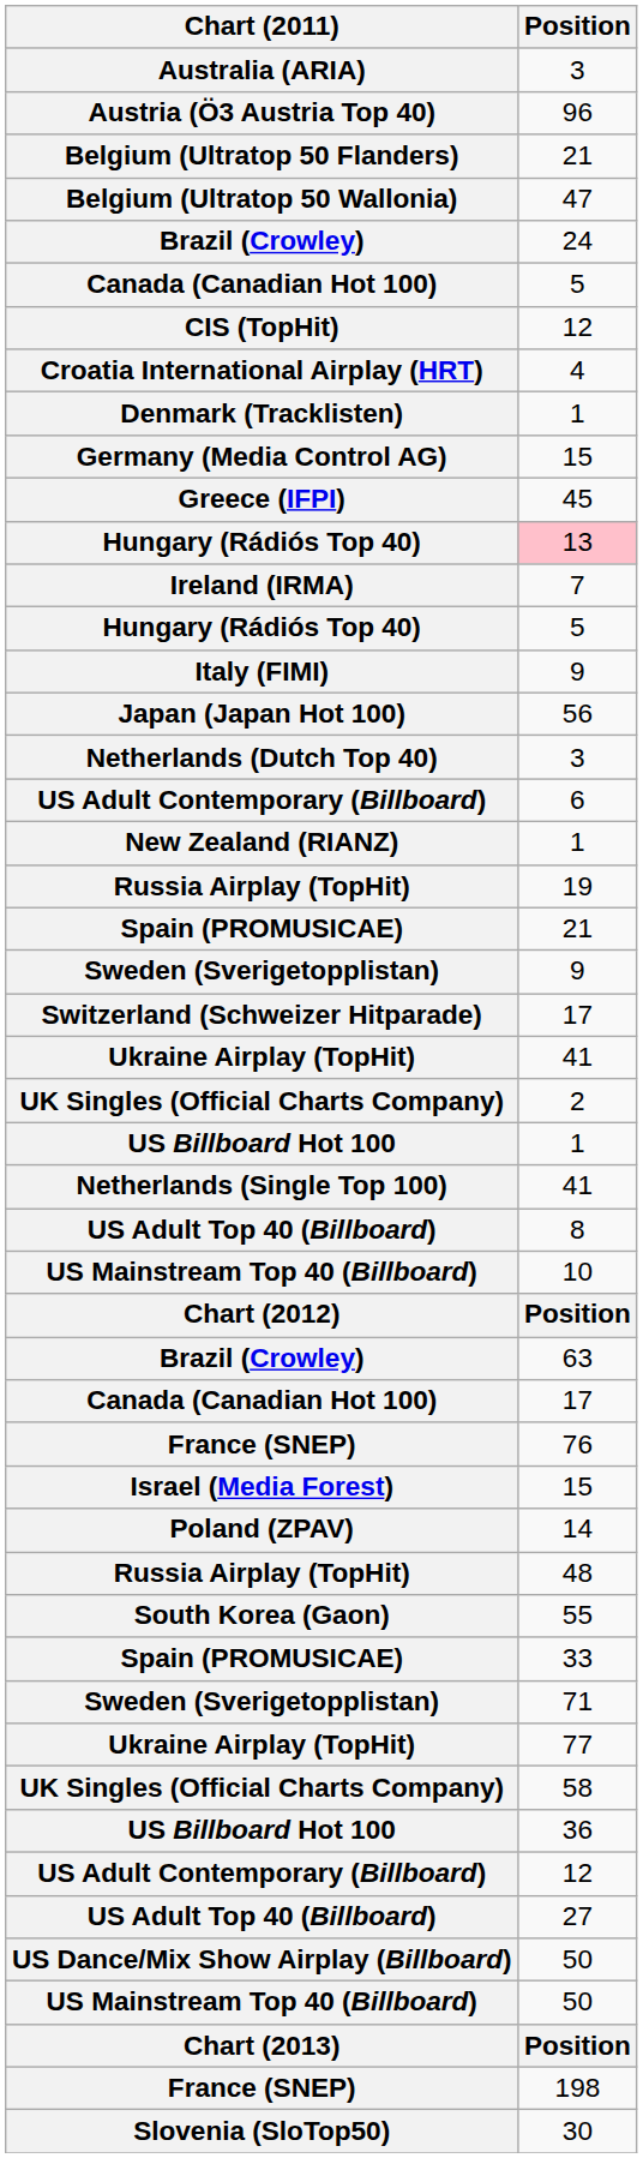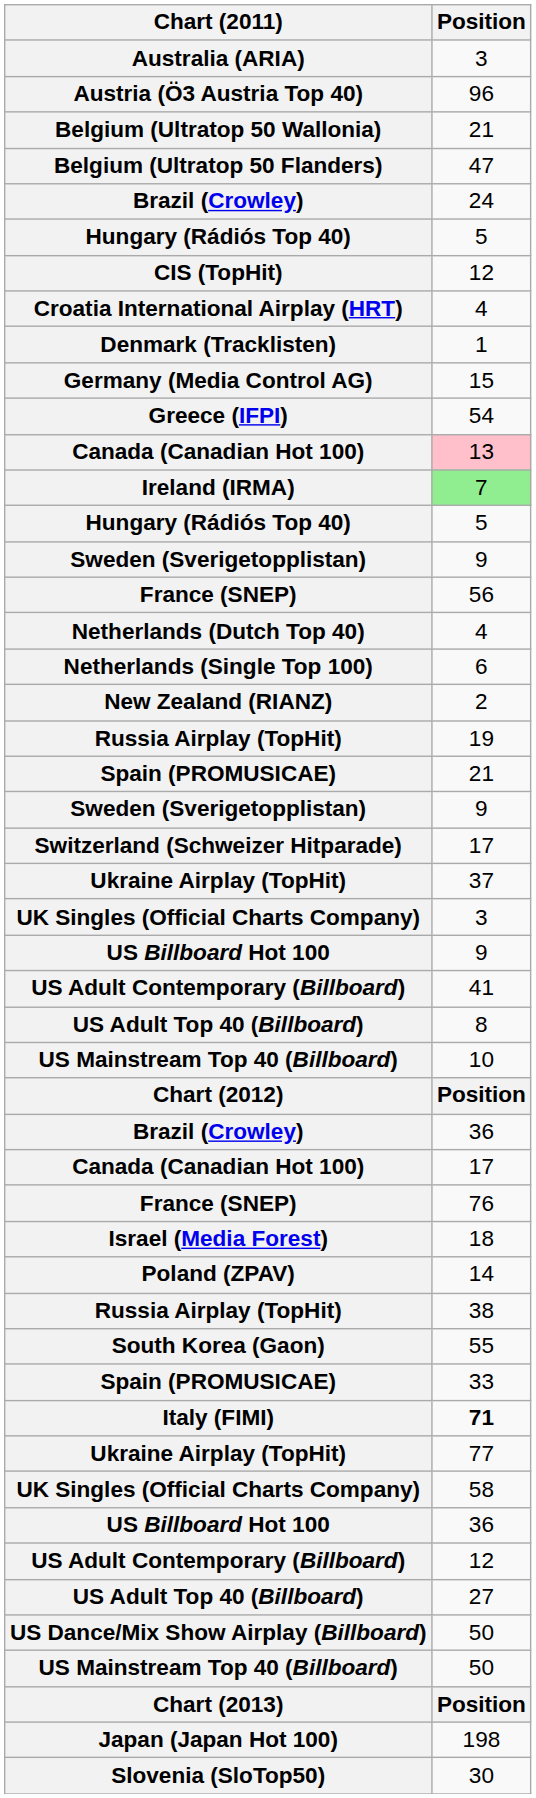 <table class="wikitable plainrowheaders sortable" style="text-align:center">
 <tr>
 <th scope="col">Chart (2011)</th>
 <th scope="col">Position</th>
 </tr>
 <tr>
 <th scope="row">Australia (ARIA)</th>
 <td>3</td>
 </tr>
 <tr>
 <th scope="row">Austria (Ö3 Austria Top 40)</th>
 <td>96</td>
 </tr>
 <tr>
-<th scope="row">Belgium (Ultratop 50 Flanders)</th>
+<th scope="row">Belgium (Ultratop 50 Wallonia)</th>
 <td>21</td>
 </tr>
 <tr>
-<th scope="row">Belgium (Ultratop 50 Wallonia)</th>
+<th scope="row">Belgium (Ultratop 50 Flanders)</th>
 <td>47</td>
 </tr>
 <tr>
 <th scope="row">Brazil (<a href='#'>Crowley</a>)</th>
 <td>24</td>
 </tr>
 <tr>
-<th scope="row">Canada (Canadian Hot 100)</th>
+<th scope="row">Hungary (Rádiós Top 40)</th>
 <td>5</td>
 </tr>
 <tr>
 <th scope="row">CIS (TopHit)</th>
 <td>12</td>
 </tr>
 <tr>
 <th scope="row">Croatia International Airplay (<a href='#'>HRT</a>)</th>
 <td style="text-align:center;">4</td>
 </tr>
 <tr>
 <th scope="row">Denmark (Tracklisten)</th>
 <td>1</td>
 </tr>
 <tr>
 <th scope="row">Germany (Media Control AG)</th>
 <td>15</td>
 </tr>
 <tr>
 <th scope="row">Greece (<a href='#'>IFPI</a>)</th>
-<td>45</td>
+<td>54</td>
 </tr>
 <tr>
-<th scope="row">Hungary (Rádiós Top 40)</th>
+<th scope="row">Canada (Canadian Hot 100)</th>
 <td style="background: pink;">13</td>
 </tr>
 <tr>
 <th scope="row">Ireland (IRMA)</th>
-<td>7</td>
+<td style="background: lightgreen;">7</td>
 </tr>
 <tr>
 <th scope="row">Hungary (Rádiós Top 40)</th>
 <td>5</td>
 </tr>
 <tr>
-<th scope="row">Italy (FIMI)</th>
+<th scope="row">Sweden (Sverigetopplistan)</th>
 <td>9</td>
 </tr>
 <tr>
-<th scope="row">Japan (Japan Hot 100)</th>
+<th scope="row">France (SNEP)</th>
 <td>56</td>
 </tr>
 <tr>
 <th scope="row">Netherlands (Dutch Top 40)</th>
-<td>3</td>
+<td>4</td>
 </tr>
 <tr>
-<th scope="row">US Adult Contemporary (<em>Billboard</em>)</th>
+<th scope="row">Netherlands (Single Top 100)</th>
 <td>6</td>
 </tr>
 <tr>
 <th scope="row">New Zealand (RIANZ)</th>
-<td>1</td>
+<td>2</td>
 </tr>
 <tr>
 <th scope="row">Russia Airplay (TopHit)</th>
 <td>19</td>
 </tr>
 <tr>
 <th scope="row">Spain (PROMUSICAE)</th>
 <td>21</td>
 </tr>
 <tr>
 <th scope="row">Sweden (Sverigetopplistan)</th>
 <td>9</td>
 </tr>
 <tr>
 <th scope="row">Switzerland (Schweizer Hitparade)</th>
 <td>17</td>
 </tr>
 <tr>
 <th scope="row">Ukraine Airplay (TopHit)</th>
-<td>41</td>
+<td>37</td>
 </tr>
 <tr>
 <th scope="row">UK Singles (Official Charts Company)</th>
-<td>2</td>
+<td>3</td>
 </tr>
 <tr>
 <th scope="row">US <em>Billboard</em> Hot 100</th>
-<td>1</td>
+<td>9</td>
 </tr>
 <tr>
-<th scope="row">Netherlands (Single Top 100)</th>
+<th scope="row">US Adult Contemporary (<em>Billboard</em>)</th>
 <td>41</td>
 </tr>
 <tr>
 <th scope="row">US Adult Top 40 (<em>Billboard</em>)</th>
 <td>8</td>
 </tr>
 <tr>
 <th scope="row">US Mainstream Top 40 (<em>Billboard</em>)</th>
 <td>10</td>
 </tr>
 <tr>
 <th>Chart (2012)</th>
 <th>Position</th>
 </tr>
 <tr>
 <th scope="row">Brazil (<a href='#'>Crowley</a>)</th>
-<td>63</td>
+<td>36</td>
 </tr>
 <tr>
 <th scope="row">Canada (Canadian Hot 100)</th>
 <td>17</td>
 </tr>
 <tr>
 <th scope="row">France (SNEP)</th>
 <td>76</td>
 </tr>
 <tr>
 <th scope="row">Israel (<a href='#'>Media Forest</a>)</th>
-<td>15</td>
+<td>18</td>
 </tr>
 <tr>
 <th scope="row">Poland (ZPAV)</th>
 <td>14</td>
 </tr>
 <tr>
 <th scope="row">Russia Airplay (TopHit)</th>
-<td>48</td>
+<td>38</td>
 </tr>
 <tr>
 <th scope="row">South Korea (Gaon)</th>
 <td>55</td>
 </tr>
 <tr>
 <th scope="row">Spain (PROMUSICAE)</th>
 <td>33</td>
 </tr>
 <tr>
-<th scope="row">Sweden (Sverigetopplistan)</th>
-<td>71</td>
+<th scope="row">Italy (FIMI)</th>
+<td><strong>71</strong></td>
 </tr>
 <tr>
 <th scope="row">Ukraine Airplay (TopHit)</th>
 <td>77</td>
 </tr>
 <tr>
 <th scope="row">UK Singles (Official Charts Company)</th>
 <td>58</td>
 </tr>
 <tr>
 <th scope="row">US <em>Billboard</em> Hot 100</th>
 <td>36</td>
 </tr>
 <tr>
 <th scope="row">US Adult Contemporary (<em>Billboard</em>)</th>
 <td>12</td>
 </tr>
 <tr>
 <th scope="row">US Adult Top 40 (<em>Billboard</em>)</th>
 <td>27</td>
 </tr>
 <tr>
 <th scope="row">US Dance/Mix Show Airplay (<em>Billboard</em>)</th>
 <td>50</td>
 </tr>
 <tr>
 <th scope="row">US Mainstream Top 40 (<em>Billboard</em>)</th>
 <td>50</td>
 </tr>
 <tr>
 <th>Chart (2013)</th>
 <th>Position</th>
 </tr>
 <tr>
-<th scope="row">France (SNEP)</th>
+<th scope="row">Japan (Japan Hot 100)</th>
 <td>198</td>
 </tr>
 <tr>
 <th scope="row">Slovenia (SloTop50)</th>
 <td>30</td>
 </tr>
 </table>
